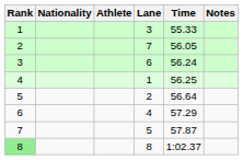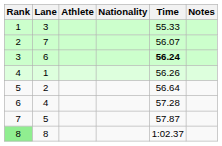 <table class="wikitable sortable" style="text-align:center">
 <tr>
 <th>Rank</th>
+<th>Lane</th>
+<th>Athlete</th>
 <th>Nationality</th>
-<th>Athlete</th>
-<th>Lane</th>
 <th>Time</th>
 <th class=unsortable>Notes</th>
 </tr>
 <tr bgcolor=ccffcc>
 <td>1</td>
+<td>3</td>
 <td align=left></td>
 <td align=left></td>
-<td>3</td>
 <td>55.33</td>
 <td></td>
 </tr>
 <tr bgcolor=ccffcc>
 <td>2</td>
+<td>7</td>
 <td align=left></td>
 <td align=left></td>
-<td>7</td>
-<td>56.05</td>
+<td>56.07</td>
 <td></td>
 </tr>
 <tr bgcolor=ccffcc>
 <td>3</td>
+<td>6</td>
 <td align=left></td>
 <td align=left></td>
-<td>6</td>
-<td>56.24</td>
+<td><strong>56.24</strong></td>
 <td></td>
 </tr>
 <tr bgcolor=ddffdd>
 <td>4</td>
+<td>1</td>
 <td align=left></td>
 <td align=left></td>
-<td>1</td>
-<td>56.25</td>
+<td>56.26</td>
 <td></td>
 </tr>
 <tr>
 <td>5</td>
+<td>2</td>
 <td align=left></td>
 <td align=left></td>
-<td>2</td>
 <td>56.64</td>
 <td></td>
 </tr>
 <tr>
 <td>6</td>
+<td>4</td>
 <td align=left></td>
 <td align=left></td>
-<td>4</td>
-<td>57.29</td>
+<td>57.28</td>
 <td></td>
 </tr>
 <tr>
 <td>7</td>
+<td>5</td>
 <td align=left></td>
 <td align=left></td>
-<td>5</td>
 <td>57.87</td>
 <td></td>
 </tr>
 <tr>
 <td style="background: lightgreen;">8</td>
+<td>8</td>
 <td align=left></td>
 <td align=left></td>
-<td>8</td>
 <td>1:02.37</td>
 <td></td>
 </tr>
 </table>
